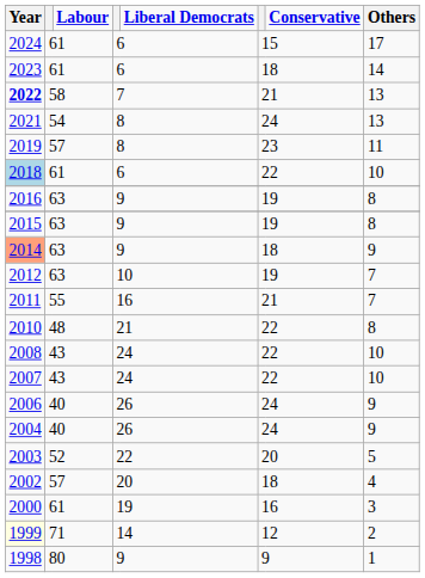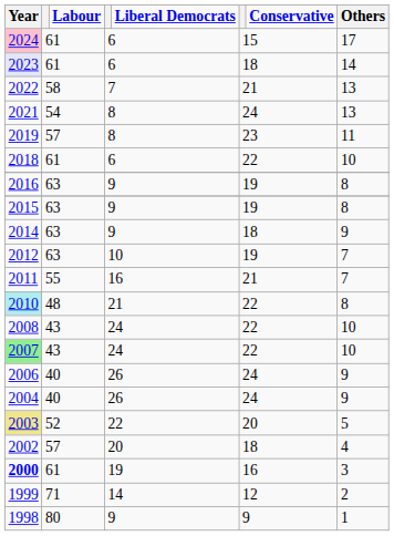 <table class="wikitable">
 <tr>
 <th>Year</th>
 <th style="background-color: "></th>
 <td><strong><a href='#'>Labour</a></strong></td>
 <th style="background-color: "></th>
 <td><strong><a href='#'>Liberal Democrats</a></strong></td>
 <th style="background-color: "></th>
 <td><strong><a href='#'>Conservative</a></strong></td>
 <th>Others</th>
 </tr>
 <tr>
-<td><a href='#'>2024</a></td>
+<td style="background: pink;"><a href='#'>2024</a></td>
 <td colspan=2>61</td>
 <td colspan=2>6</td>
 <td colspan=2>15</td>
 <td colspan=2>17</td>
 </tr>
 <tr>
-<td><a href='#'>2023</a></td>
+<td style="background: lavender;"><a href='#'>2023</a></td>
 <td colspan=2>61</td>
 <td colspan=2>6</td>
 <td colspan=2>18</td>
 <td colspan=2>14</td>
 </tr>
 <tr>
-<td><strong><a href='#'>2022</a></strong></td>
+<td><a href='#'>2022</a></td>
 <td colspan=2>58</td>
 <td colspan=2>7</td>
 <td colspan=2>21</td>
 <td colspan=2>13</td>
 </tr>
 <tr>
 <td><a href='#'>2021</a></td>
 <td colspan=2>54</td>
 <td colspan=2>8</td>
 <td colspan=2>24</td>
 <td colspan=2>13</td>
 </tr>
 <tr>
 <td><a href='#'>2019</a></td>
 <td colspan=2>57</td>
 <td colspan=2>8</td>
 <td colspan=2>23</td>
 <td colspan=2>11</td>
 </tr>
 <tr>
-<td style="background: lightblue;"><a href='#'>2018</a></td>
+<td><a href='#'>2018</a></td>
 <td colspan=2>61</td>
 <td colspan=2>6</td>
 <td colspan=2>22</td>
 <td colspan=2>10</td>
 </tr>
 <tr>
 </tr>
 <tr>
 <td><a href='#'>2016</a></td>
 <td colspan=2>63</td>
 <td colspan=2>9</td>
 <td colspan=2>19</td>
 <td colspan=2>8</td>
 </tr>
 <tr>
 </tr>
 <tr>
 <td><a href='#'>2015</a></td>
 <td colspan=2>63</td>
 <td colspan=2>9</td>
 <td colspan=2>19</td>
 <td colspan=2>8</td>
 </tr>
 <tr>
-<td style="background: lightsalmon;"><a href='#'>2014</a></td>
+<td><a href='#'>2014</a></td>
 <td colspan=2>63</td>
 <td colspan=2>9</td>
 <td colspan=2>18</td>
 <td colspan=2>9</td>
 </tr>
 <tr>
 <td><a href='#'>2012</a></td>
 <td colspan=2>63</td>
 <td colspan=2>10</td>
 <td colspan=2>19</td>
 <td colspan=2>7</td>
 </tr>
 <tr>
 <td><a href='#'>2011</a></td>
 <td colspan=2>55</td>
 <td colspan=2>16</td>
 <td colspan=2>21</td>
 <td colspan=2>7</td>
 </tr>
 <tr>
-<td><a href='#'>2010</a></td>
+<td style="background: paleturquoise;"><a href='#'>2010</a></td>
 <td colspan=2>48</td>
 <td colspan=2>21</td>
 <td colspan=2>22</td>
 <td colspan=2>8</td>
 </tr>
 <tr>
 <td><a href='#'>2008</a></td>
 <td colspan=2>43</td>
 <td colspan=2>24</td>
 <td colspan=2>22</td>
 <td colspan=2>10</td>
 </tr>
 <tr>
-<td><a href='#'>2007</a></td>
+<td style="background: lightgreen;"><a href='#'>2007</a></td>
 <td colspan=2>43</td>
 <td colspan=2>24</td>
 <td colspan=2>22</td>
 <td colspan=2>10</td>
 </tr>
 <tr>
 <td><a href='#'>2006</a></td>
 <td colspan=2>40</td>
 <td colspan=2>26</td>
 <td colspan=2>24</td>
 <td colspan=2>9</td>
 </tr>
 <tr>
 <td><a href='#'>2004</a></td>
 <td colspan=2>40</td>
 <td colspan=2>26</td>
 <td colspan=2>24</td>
 <td colspan=2>9</td>
 </tr>
 <tr>
-<td><a href='#'>2003</a></td>
+<td style="background: khaki;"><a href='#'>2003</a></td>
 <td colspan=2>52</td>
 <td colspan=2>22</td>
 <td colspan=2>20</td>
 <td colspan=2>5</td>
 </tr>
 <tr>
 <td><a href='#'>2002</a></td>
 <td colspan=2>57</td>
 <td colspan=2>20</td>
 <td colspan=2>18</td>
 <td colspan=2>4</td>
 </tr>
 <tr>
-<td><a href='#'>2000</a></td>
+<td><strong><a href='#'>2000</a></strong></td>
 <td colspan=2>61</td>
 <td colspan=2>19</td>
 <td colspan=2>16</td>
 <td colspan=2>3</td>
 </tr>
 <tr>
-<td style="background: lightyellow;"><a href='#'>1999</a></td>
+<td><a href='#'>1999</a></td>
 <td colspan=2>71</td>
 <td colspan=2>14</td>
 <td colspan=2>12</td>
 <td colspan=2>2</td>
 </tr>
 <tr>
 <td><a href='#'>1998</a></td>
 <td colspan=2>80</td>
 <td colspan=2>9</td>
 <td colspan=2>9</td>
 <td colspan=2>1</td>
 </tr>
 </table>
